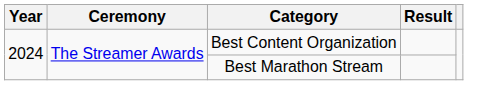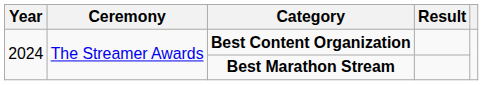 <table class="wikitable" style="text-align:center;">
 <tr>
 <th>Year</th>
 <th>Ceremony</th>
 <th>Category</th>
 <th>Result</th>
 <th></th>
 </tr>
 <tr>
 <td rowspan="2">2024</td>
 <td rowspan="2"><a href='#'>The Streamer Awards</a></td>
-<td>Best Content Organization</td>
+<td><strong>Best Content Organization</strong></td>
 <td></td>
 <td rowspan="2"></td>
 </tr>
 <tr>
-<td>Best Marathon Stream</td>
+<td><strong>Best Marathon Stream</strong></td>
 <td></td>
 </tr>
 </table>
